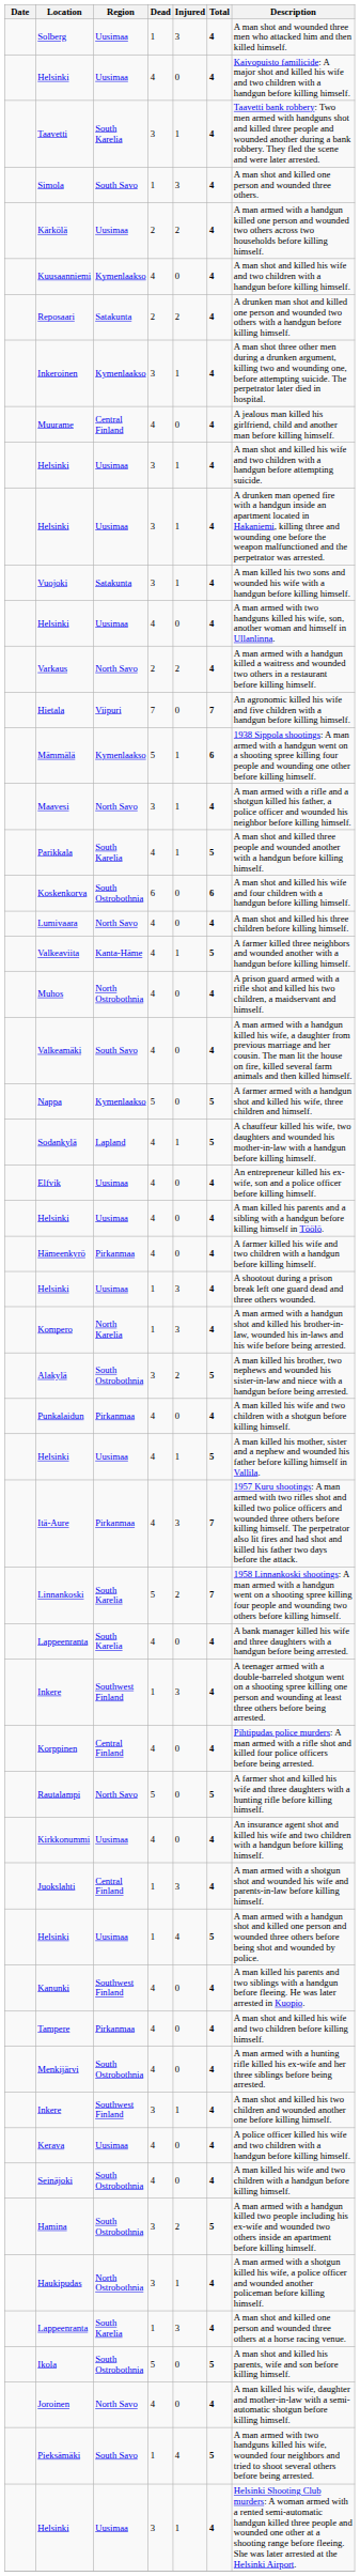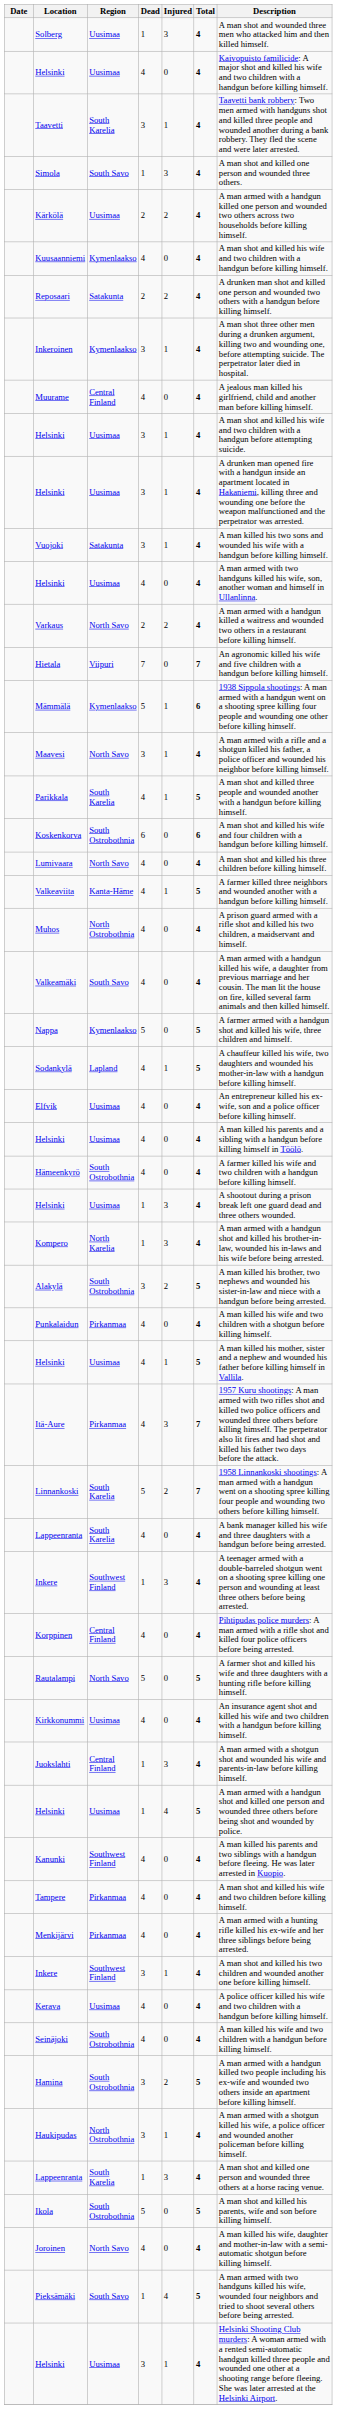 <table class="wikitable sortable mw-datatable">
 <tr>
 <th width=12%>Date</th>
 <th width=6%>Location</th>
 <th width=7%>Region</th>
 <th width=5%>Dead</th>
 <th width=5%>Injured</th>
 <th width=5%>Total</th>
 <th class="unsortable" width=60%>Description</th>
 </tr>
 <tr>
 <td></td>
 <td><a href='#'>Solberg</a></td>
 <td><a href='#'>Uusimaa</a></td>
 <td>1</td>
 <td>3</td>
 <td><strong>4</strong></td>
 <td>A man shot and wounded three men who attacked him and then killed himself.</td>
 </tr>
 <tr>
 <td></td>
 <td><a href='#'>Helsinki</a></td>
 <td><a href='#'>Uusimaa</a></td>
 <td>4</td>
 <td>0</td>
 <td><strong>4</strong></td>
 <td><a href='#'>Kaivopuisto familicide</a>: A major shot and killed his wife and two children with a handgun before killing himself.</td>
 </tr>
 <tr>
 <td></td>
 <td><a href='#'>Taavetti</a></td>
 <td><a href='#'>South Karelia</a></td>
 <td>3</td>
 <td>1</td>
 <td><strong>4</strong></td>
 <td><a href='#'>Taavetti bank robbery</a>: Two men armed with handguns shot and killed three people and wounded another during a bank robbery. They fled the scene and were later arrested.</td>
 </tr>
 <tr>
 <td></td>
 <td><a href='#'>Simola</a></td>
 <td><a href='#'>South Savo</a></td>
 <td>1</td>
 <td>3</td>
 <td><strong>4</strong></td>
 <td>A man shot and killed one person and wounded three others.</td>
 </tr>
 <tr>
 <td></td>
 <td><a href='#'>Kärkölä</a></td>
 <td><a href='#'>Uusimaa</a></td>
 <td>2</td>
 <td>2</td>
 <td><strong>4</strong></td>
 <td>A man armed with a handgun killed one person and wounded two others across two households before killing himself.</td>
 </tr>
 <tr>
 <td></td>
 <td><a href='#'>Kuusaanniemi</a></td>
 <td><a href='#'>Kymenlaakso</a></td>
 <td>4</td>
 <td>0</td>
 <td><strong>4</strong></td>
 <td>A man shot and killed his wife and two children with a handgun before killing himself.</td>
 </tr>
 <tr>
 <td></td>
 <td><a href='#'>Reposaari</a></td>
 <td><a href='#'>Satakunta</a></td>
 <td>2</td>
 <td>2</td>
 <td><strong>4</strong></td>
 <td>A drunken man shot and killed one person and wounded two others with a handgun before killing himself.</td>
 </tr>
 <tr>
 <td></td>
 <td><a href='#'>Inkeroinen</a></td>
 <td><a href='#'>Kymenlaakso</a></td>
 <td>3</td>
 <td>1</td>
 <td><strong>4</strong></td>
 <td>A man shot three other men during a drunken argument, killing two and wounding one, before attempting suicide. The perpetrator later died in hospital.</td>
 </tr>
 <tr>
 <td></td>
 <td><a href='#'>Muurame</a></td>
 <td><a href='#'>Central Finland</a></td>
 <td>4</td>
 <td>0</td>
 <td><strong>4</strong></td>
 <td>A jealous man killed his girlfriend, child and another man before killing himself.</td>
 </tr>
 <tr>
 <td></td>
 <td><a href='#'>Helsinki</a></td>
 <td><a href='#'>Uusimaa</a></td>
 <td>3</td>
 <td>1</td>
 <td><strong>4</strong></td>
 <td>A man shot and killed his wife and two children with a handgun before attempting suicide.</td>
 </tr>
 <tr>
 <td></td>
 <td><a href='#'>Helsinki</a></td>
 <td><a href='#'>Uusimaa</a></td>
 <td>3</td>
 <td>1</td>
 <td><strong>4</strong></td>
 <td>A drunken man opened fire with a handgun inside an apartment located in <a href='#'>Hakaniemi</a>, killing three and wounding one before the weapon malfunctioned and the perpetrator was arrested.</td>
 </tr>
 <tr>
 <td></td>
 <td><a href='#'>Vuojoki</a></td>
 <td><a href='#'>Satakunta</a></td>
 <td>3</td>
 <td>1</td>
 <td><strong>4</strong></td>
 <td>A man killed his two sons and wounded his wife with a handgun before killing himself.</td>
 </tr>
 <tr>
 <td></td>
 <td><a href='#'>Helsinki</a></td>
 <td><a href='#'>Uusimaa</a></td>
 <td>4</td>
 <td>0</td>
 <td><strong>4</strong></td>
 <td>A man armed with two handguns killed his wife, son, another woman and himself in <a href='#'>Ullanlinna</a>.</td>
 </tr>
 <tr>
 <td></td>
 <td><a href='#'>Varkaus</a></td>
 <td><a href='#'>North Savo</a></td>
 <td>2</td>
 <td>2</td>
 <td><strong>4</strong></td>
 <td>A man armed with a handgun killed a waitress and wounded two others in a restaurant before killing himself.</td>
 </tr>
 <tr>
 <td></td>
 <td><a href='#'>Hietala</a></td>
 <td><a href='#'>Viipuri</a></td>
 <td>7</td>
 <td>0</td>
 <td><strong>7</strong></td>
 <td>An agronomic killed his wife and five children with a handgun before killing himself.</td>
 </tr>
 <tr>
 <td></td>
 <td><a href='#'>Mämmälä</a></td>
 <td><a href='#'>Kymenlaakso</a></td>
 <td>5</td>
 <td>1</td>
 <td><strong>6</strong></td>
 <td><a href='#'>1938 Sippola shootings</a>: A man armed with a handgun went on a shooting spree killing four people and wounding one other before killing himself.</td>
 </tr>
 <tr>
 <td></td>
 <td><a href='#'>Maavesi</a></td>
 <td><a href='#'>North Savo</a></td>
 <td>3</td>
 <td>1</td>
 <td><strong>4</strong></td>
 <td>A man armed with a rifle and a shotgun killed his father, a police officer and wounded his neighbor before killing himself.</td>
 </tr>
 <tr>
 <td></td>
 <td><a href='#'>Parikkala</a></td>
 <td><a href='#'>South Karelia</a></td>
 <td>4</td>
 <td>1</td>
 <td><strong>5</strong></td>
 <td>A man shot and killed three people and wounded another with a handgun before killing himself.</td>
 </tr>
 <tr>
 <td></td>
 <td><a href='#'>Koskenkorva</a></td>
 <td><a href='#'>South Ostrobothnia</a></td>
 <td>6</td>
 <td>0</td>
 <td><strong>6</strong></td>
 <td>A man shot and killed his wife and four children with a handgun before killing himself.</td>
 </tr>
 <tr>
 <td></td>
 <td><a href='#'>Lumivaara</a></td>
 <td><a href='#'>North Savo</a></td>
 <td>4</td>
 <td>0</td>
 <td><strong>4</strong></td>
 <td>A man shot and killed his three children before killing himself.</td>
 </tr>
 <tr>
 <td></td>
 <td><a href='#'>Valkeaviita</a></td>
 <td><a href='#'>Kanta-Häme</a></td>
 <td>4</td>
 <td>1</td>
 <td><strong>5</strong></td>
 <td>A farmer killed three neighbors and wounded another with a handgun before killing himself.</td>
 </tr>
 <tr>
 <td></td>
 <td><a href='#'>Muhos</a></td>
 <td><a href='#'>North Ostrobothnia</a></td>
 <td>4</td>
 <td>0</td>
 <td><strong>4</strong></td>
 <td>A prison guard armed with a rifle shot and killed his two children, a maidservant and himself.</td>
 </tr>
 <tr>
 <td></td>
 <td><a href='#'>Valkeamäki</a></td>
 <td><a href='#'>South Savo</a></td>
 <td>4</td>
 <td>0</td>
 <td><strong>4</strong></td>
 <td>A man armed with a handgun killed his wife, a daughter from previous marriage and her cousin. The man lit the house on fire, killed several farm animals and then killed himself.</td>
 </tr>
 <tr>
 <td></td>
 <td><a href='#'>Nappa</a></td>
 <td><a href='#'>Kymenlaakso</a></td>
 <td>5</td>
 <td>0</td>
 <td><strong>5</strong></td>
 <td>A farmer armed with a handgun shot and killed his wife, three children and himself.</td>
 </tr>
 <tr>
 <td></td>
 <td><a href='#'>Sodankylä</a></td>
 <td><a href='#'>Lapland</a></td>
 <td>4</td>
 <td>1</td>
 <td><strong>5</strong></td>
 <td>A chauffeur killed his wife, two daughters and wounded his mother-in-law with a handgun before killing himself.</td>
 </tr>
 <tr>
 <td></td>
 <td><a href='#'>Elfvik</a></td>
 <td><a href='#'>Uusimaa</a></td>
 <td>4</td>
 <td>0</td>
 <td><strong>4</strong></td>
 <td>An entrepreneur killed his ex-wife, son and a police officer before killing himself.</td>
 </tr>
 <tr>
 <td></td>
 <td><a href='#'>Helsinki</a></td>
 <td><a href='#'>Uusimaa</a></td>
 <td>4</td>
 <td>0</td>
 <td><strong>4</strong></td>
 <td>A man killed his parents and a sibling with a handgun before killing himself in <a href='#'>Töölö</a>.</td>
 </tr>
 <tr>
 <td></td>
 <td><a href='#'>Hämeenkyrö</a></td>
-<td><a href='#'>Pirkanmaa</a></td>
+<td><a href='#'>South Ostrobothnia</a></td>
 <td>4</td>
 <td>0</td>
 <td><strong>4</strong></td>
 <td>A farmer killed his wife and two children with a handgun before killing himself.</td>
 </tr>
 <tr>
 <td></td>
 <td><a href='#'>Helsinki</a></td>
 <td><a href='#'>Uusimaa</a></td>
 <td>1</td>
 <td>3</td>
 <td><strong>4</strong></td>
 <td>A shootout during a prison break left one guard dead and three others wounded.</td>
 </tr>
 <tr>
 <td></td>
 <td><a href='#'>Kompero</a></td>
 <td><a href='#'>North Karelia</a></td>
 <td>1</td>
 <td>3</td>
 <td><strong>4</strong></td>
 <td>A man armed with a handgun shot and killed his brother-in-law, wounded his in-laws and his wife before being arrested.</td>
 </tr>
 <tr>
 <td></td>
 <td><a href='#'>Alakylä</a></td>
 <td><a href='#'>South Ostrobothnia</a></td>
 <td>3</td>
 <td>2</td>
 <td><strong>5</strong></td>
 <td>A man killed his brother, two nephews and wounded his sister-in-law and niece with a handgun before being arrested.</td>
 </tr>
 <tr>
 <td></td>
 <td><a href='#'>Punkalaidun</a></td>
 <td><a href='#'>Pirkanmaa</a></td>
 <td>4</td>
 <td>0</td>
 <td><strong>4</strong></td>
 <td>A man killed his wife and two children with a shotgun before killing himself.</td>
 </tr>
 <tr>
 <td></td>
 <td><a href='#'>Helsinki</a></td>
 <td><a href='#'>Uusimaa</a></td>
 <td>4</td>
 <td>1</td>
 <td><strong>5</strong></td>
 <td>A man killed his mother, sister and a nephew and wounded his father before killing himself in <a href='#'>Vallila</a>.</td>
 </tr>
 <tr>
 <td></td>
 <td><a href='#'>Itä-Aure</a></td>
 <td><a href='#'>Pirkanmaa</a></td>
 <td>4</td>
 <td>3</td>
 <td><strong>7</strong></td>
 <td><a href='#'>1957 Kuru shootings</a>: A man armed with two rifles shot and killed two police officers and wounded three others before killing himself. The perpetrator also lit fires and had shot and killed his father two days before the attack.</td>
 </tr>
 <tr>
 <td></td>
 <td><a href='#'>Linnankoski</a></td>
 <td><a href='#'>South Karelia</a></td>
 <td>5</td>
 <td>2</td>
 <td><strong>7</strong></td>
 <td><a href='#'>1958 Linnankoski shootings</a>: A man armed with a handgun went on a shooting spree killing four people and wounding two others before killing himself.</td>
 </tr>
 <tr>
 <td></td>
 <td><a href='#'>Lappeenranta</a></td>
 <td><a href='#'>South Karelia</a></td>
 <td>4</td>
 <td>0</td>
 <td><strong>4</strong></td>
 <td>A bank manager killed his wife and three daughters with a handgun before being arrested.</td>
 </tr>
 <tr>
 <td></td>
 <td><a href='#'>Inkere</a></td>
 <td><a href='#'>Southwest Finland</a></td>
 <td>1</td>
 <td>3</td>
 <td><strong>4</strong></td>
 <td>A teenager armed with a double-barreled shotgun went on a shooting spree killing one person and wounding at least three others before being arrested.</td>
 </tr>
 <tr>
 <td></td>
 <td><a href='#'>Korppinen</a></td>
 <td><a href='#'>Central Finland</a></td>
 <td>4</td>
 <td>0</td>
 <td><strong>4</strong></td>
 <td><a href='#'>Pihtipudas police murders</a>: A man armed with a rifle shot and killed four police officers before being arrested.</td>
 </tr>
 <tr>
 <td></td>
 <td><a href='#'>Rautalampi</a></td>
 <td><a href='#'>North Savo</a></td>
 <td>5</td>
 <td>0</td>
 <td><strong>5</strong></td>
 <td>A farmer shot and killed his wife and three daughters with a hunting rifle before killing himself.</td>
 </tr>
 <tr>
 <td></td>
 <td><a href='#'>Kirkkonummi</a></td>
 <td><a href='#'>Uusimaa</a></td>
 <td>4</td>
 <td>0</td>
 <td><strong>4</strong></td>
 <td>An insurance agent shot and killed his wife and two children with a handgun before killing himself.</td>
 </tr>
 <tr>
 <td></td>
 <td><a href='#'>Juokslahti</a></td>
 <td><a href='#'>Central Finland</a></td>
 <td>1</td>
 <td>3</td>
 <td><strong>4</strong></td>
 <td>A man armed with a shotgun shot and wounded his wife and parents-in-law before killing himself.</td>
 </tr>
 <tr>
 <td></td>
 <td><a href='#'>Helsinki</a></td>
 <td><a href='#'>Uusimaa</a></td>
 <td>1</td>
 <td>4</td>
 <td><strong>5</strong></td>
 <td>A man armed with a handgun shot and killed one person and wounded three others before being shot and wounded by police.</td>
 </tr>
 <tr>
 <td></td>
 <td><a href='#'>Kanunki</a></td>
 <td><a href='#'>Southwest Finland</a></td>
 <td>4</td>
 <td>0</td>
 <td><strong>4</strong></td>
 <td>A man killed his parents and two siblings with a handgun before fleeing. He was later arrested in <a href='#'>Kuopio</a>.</td>
 </tr>
 <tr>
 <td></td>
 <td><a href='#'>Tampere</a></td>
 <td><a href='#'>Pirkanmaa</a></td>
 <td>4</td>
 <td>0</td>
 <td><strong>4</strong></td>
 <td>A man shot and killed his wife and two children before killing himself.</td>
 </tr>
 <tr>
 <td></td>
 <td><a href='#'>Menkijärvi</a></td>
-<td><a href='#'>South Ostrobothnia</a></td>
+<td><a href='#'>Pirkanmaa</a></td>
 <td>4</td>
 <td>0</td>
 <td><strong>4</strong></td>
 <td>A man armed with a hunting rifle killed his ex-wife and her three siblings before being arrested.</td>
 </tr>
 <tr>
 <td></td>
 <td><a href='#'>Inkere</a></td>
 <td><a href='#'>Southwest Finland</a></td>
 <td>3</td>
 <td>1</td>
 <td><strong>4</strong></td>
 <td>A man shot and killed his two children and wounded another one before killing himself.</td>
 </tr>
 <tr>
 <td></td>
 <td><a href='#'>Kerava</a></td>
 <td><a href='#'>Uusimaa</a></td>
 <td>4</td>
 <td>0</td>
 <td><strong>4</strong></td>
 <td>A police officer killed his wife and two children with a handgun before killing himself.</td>
 </tr>
 <tr>
 <td></td>
 <td><a href='#'>Seinäjoki</a></td>
 <td><a href='#'>South Ostrobothnia</a></td>
 <td>4</td>
 <td>0</td>
 <td><strong>4</strong></td>
 <td>A man killed his wife and two children with a handgun before killing himself.</td>
 </tr>
 <tr>
 <td></td>
 <td><a href='#'>Hamina</a></td>
 <td><a href='#'>South Ostrobothnia</a></td>
 <td>3</td>
 <td>2</td>
 <td><strong>5</strong></td>
 <td>A man armed with a handgun killed two people including his ex-wife and wounded two others inside an apartment before killing himself.</td>
 </tr>
 <tr>
 <td></td>
 <td><a href='#'>Haukipudas</a></td>
 <td><a href='#'>North Ostrobothnia</a></td>
 <td>3</td>
 <td>1</td>
 <td><strong>4</strong></td>
 <td>A man armed with a shotgun killed his wife, a police officer and wounded another policeman before killing himself.</td>
 </tr>
 <tr>
 <td></td>
 <td><a href='#'>Lappeenranta</a></td>
 <td><a href='#'>South Karelia</a></td>
 <td>1</td>
 <td>3</td>
 <td><strong>4</strong></td>
 <td>A man shot and killed one person and wounded three others at a horse racing venue.</td>
 </tr>
 <tr>
 <td></td>
 <td><a href='#'>Ikola</a></td>
 <td><a href='#'>South Ostrobothnia</a></td>
 <td>5</td>
 <td>0</td>
 <td><strong>5</strong></td>
 <td>A man shot and killed his parents, wife and son before killing himself.</td>
 </tr>
 <tr>
 <td></td>
 <td><a href='#'>Joroinen</a></td>
 <td><a href='#'>North Savo</a></td>
 <td>4</td>
 <td>0</td>
 <td><strong>4</strong></td>
 <td>A man killed his wife, daughter and mother-in-law with a semi-automatic shotgun before killing himself.</td>
 </tr>
 <tr>
 <td></td>
 <td><a href='#'>Pieksämäki</a></td>
 <td><a href='#'>South Savo</a></td>
 <td>1</td>
 <td>4</td>
 <td><strong>5</strong></td>
 <td>A man armed with two handguns killed his wife, wounded four neighbors and tried to shoot several others before being arrested.</td>
 </tr>
 <tr>
 <td></td>
 <td><a href='#'>Helsinki</a></td>
 <td><a href='#'>Uusimaa</a></td>
 <td>3</td>
 <td>1</td>
 <td><strong>4</strong></td>
 <td><a href='#'>Helsinki Shooting Club murders</a>: A woman armed with a rented semi-automatic handgun killed three people and wounded one other at a shooting range before fleeing. She was later arrested at the <a href='#'>Helsinki Airport</a>.</td>
 </tr>
 <tr>
 </tr>
 </table>
